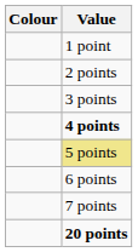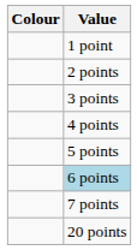 <table class="wikitable" style="font-size:90%; float:right; margin:0em 0em 2em 2em;">
 <tr>
 <th>Colour</th>
 <th>Value</th>
 </tr>
 <tr>
 <td> </td>
 <td>1 point</td>
 </tr>
 <tr>
 <td> </td>
 <td>2 points</td>
 </tr>
 <tr>
 <td> </td>
 <td>3 points</td>
 </tr>
 <tr>
 <td> </td>
-<td><strong>4 points</strong></td>
+<td>4 points</td>
 </tr>
 <tr>
 <td> </td>
-<td style="background: khaki;">5 points</td>
+<td>5 points</td>
 </tr>
 <tr>
 <td> </td>
-<td>6 points</td>
+<td style="background: lightblue;">6 points</td>
 </tr>
 <tr>
 <td> </td>
 <td>7 points</td>
 </tr>
 <tr>
 <td> </td>
-<td><strong>20 points</strong></td>
+<td>20 points</td>
 </tr>
 </table>
